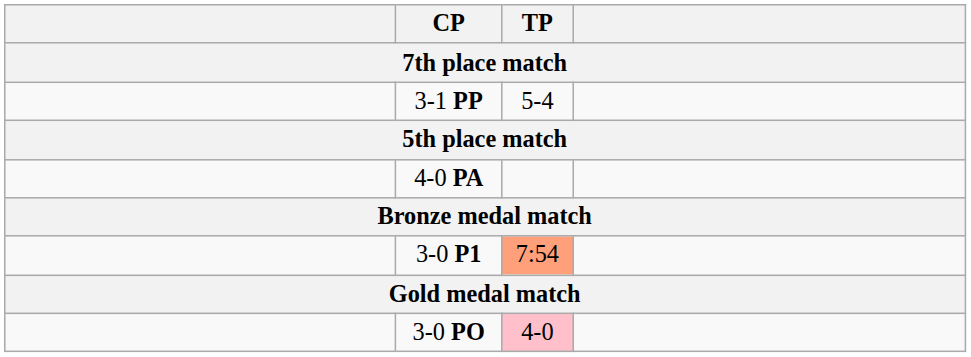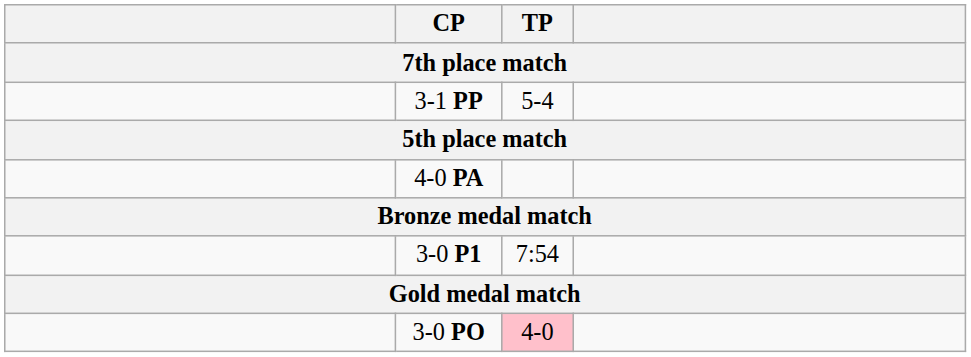 <table class="wikitable" style="text-align: center;" |>
 <tr>
 <th width="250"></th>
 <th width="62">CP</th>
 <th width="40">TP</th>
 <th width="250"></th>
 </tr>
 <tr>
 <th colspan="5">7th place match</th>
 </tr>
 <tr>
 <td style="text-align:left;"><strong></strong></td>
 <td>3-1 <strong>PP</strong></td>
 <td>5-4</td>
 <td style="text-align:left;"></td>
 </tr>
 <tr>
 <th colspan="5">5th place match</th>
 </tr>
 <tr>
 <td style="text-align:left;"><strong></strong></td>
 <td>4-0 <strong>PA</strong></td>
 <td></td>
 <td style="text-align:left;"></td>
 </tr>
 <tr>
 <th colspan="5">Bronze medal match</th>
 </tr>
 <tr>
 <td style="text-align:left;"><strong></strong></td>
 <td>3-0 <strong>P1</strong></td>
-<td style="background: lightsalmon;">7:54</td>
+<td>7:54</td>
 <td style="text-align:left;"></td>
 </tr>
 <tr>
 <th colspan="5">Gold medal match</th>
 </tr>
 <tr>
 <td style="text-align:left;"><strong></strong></td>
 <td>3-0 <strong>PO</strong></td>
 <td style="background: pink;">4-0</td>
 <td style="text-align:left;"></td>
 </tr>
 </table>
